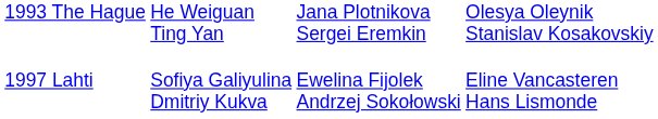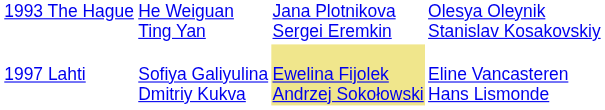 <table>
 <tr>
 <td><a href='#'>1993 The Hague</a></td>
 <td><br><a href='#'>He Weiguan</a><br><a href='#'>Ting Yan</a></td>
 <td><br><a href='#'>Jana Plotnikova</a><br><a href='#'>Sergei Eremkin</a></td>
 <td><br><a href='#'>Olesya Oleynik</a><br><a href='#'>Stanislav Kosakovskiy</a></td>
 </tr>
 <tr>
 <td><a href='#'>1997 Lahti</a></td>
 <td><br><a href='#'>Sofiya Galiyulina</a><br><a href='#'>Dmitriy Kukva</a></td>
-<td><br><a href='#'>Ewelina Fijolek</a><br><a href='#'>Andrzej Sokołowski</a></td>
+<td style="background: khaki;"><br><a href='#'>Ewelina Fijolek</a><br><a href='#'>Andrzej Sokołowski</a></td>
 <td><br><a href='#'>Eline Vancasteren</a><br><a href='#'>Hans Lismonde</a></td>
 </tr>
 </table>
